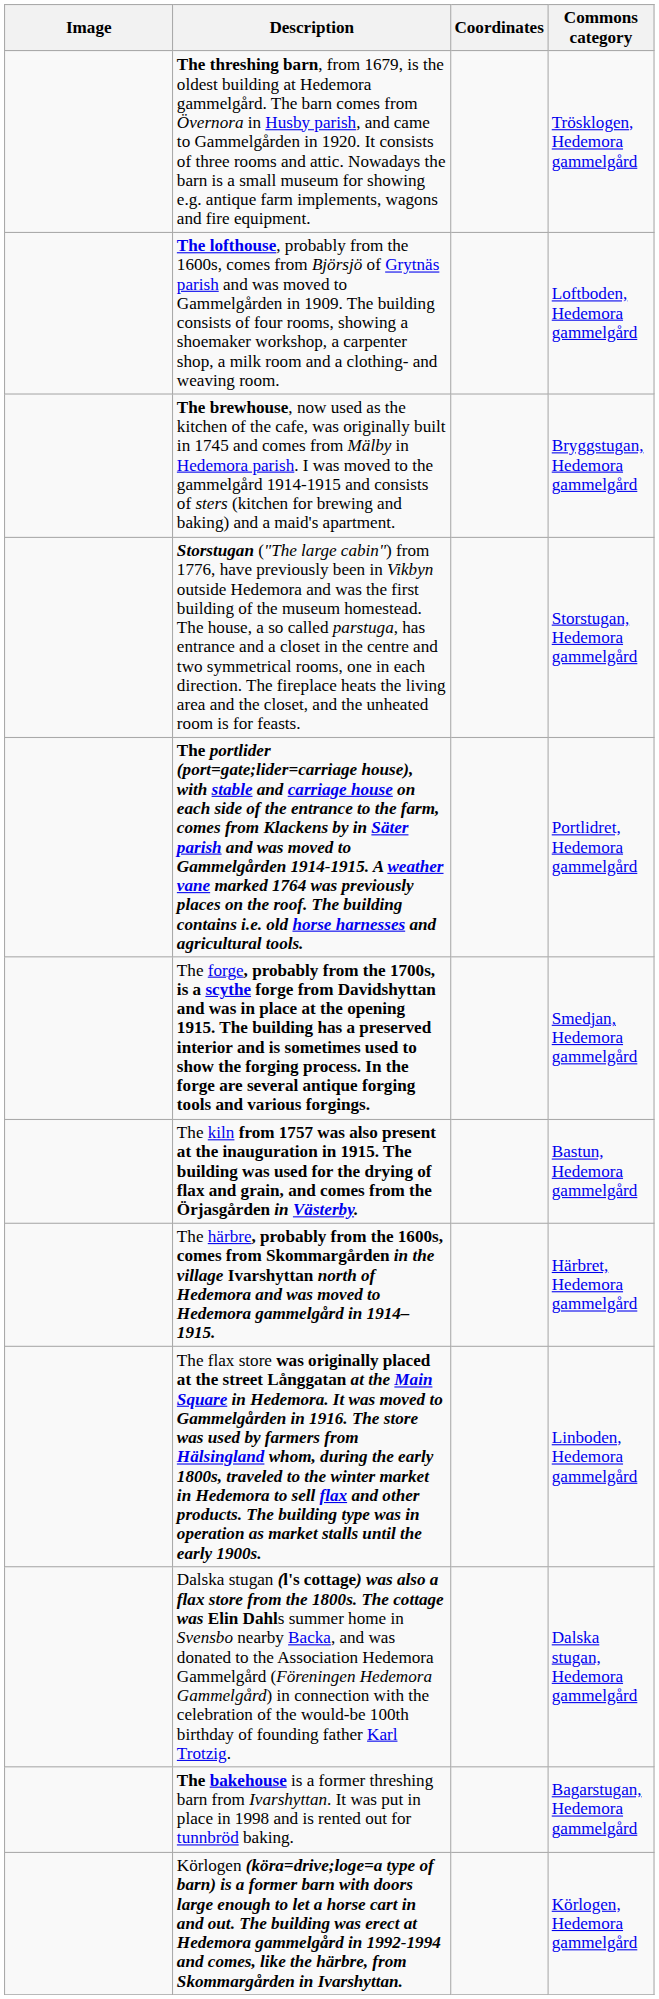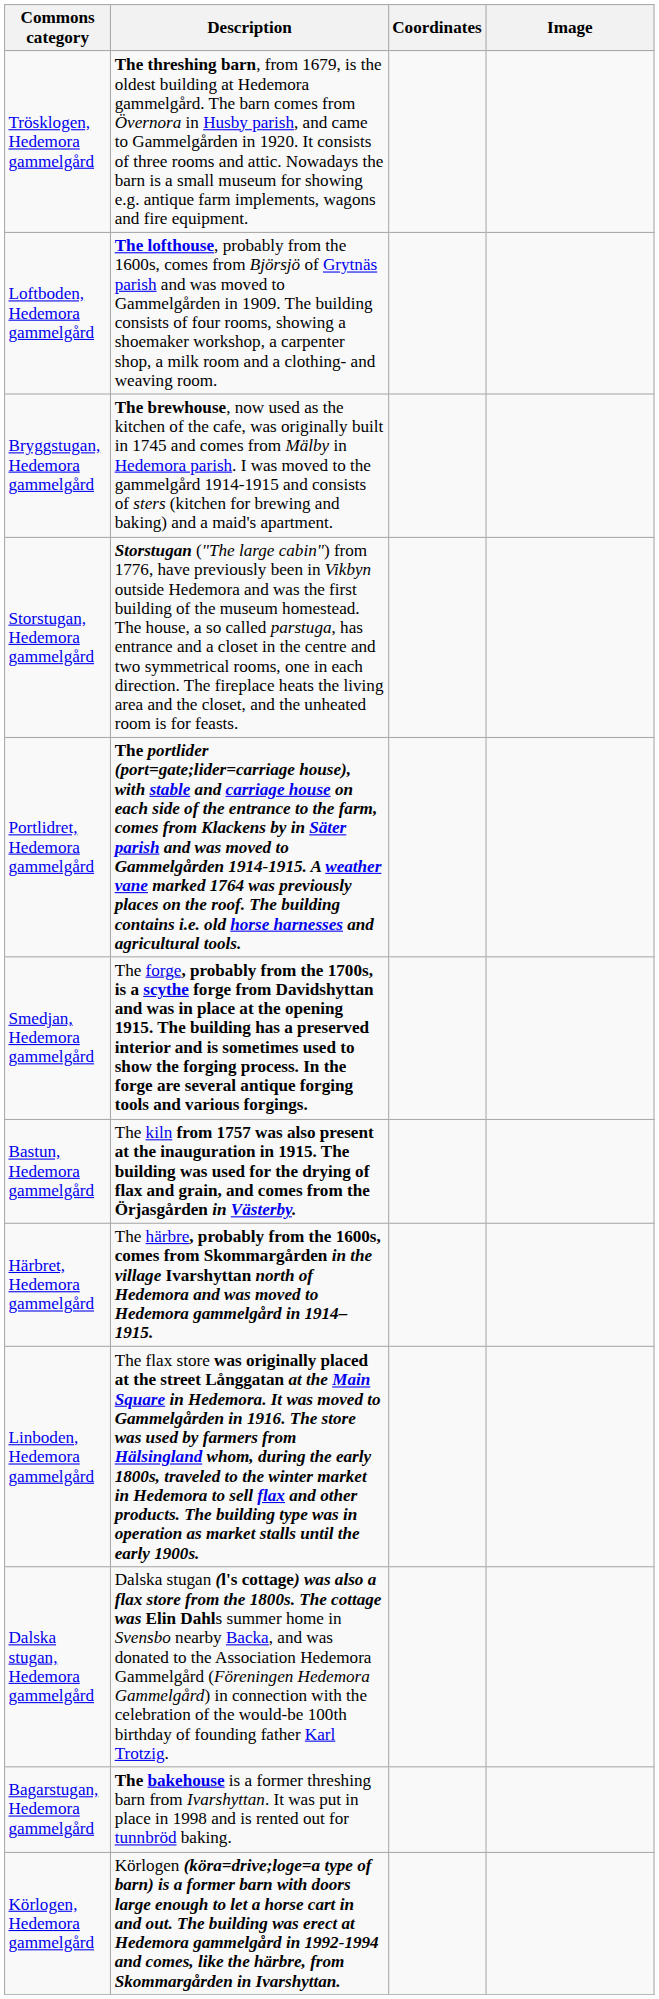 <table class="wikitable">
 <tr>
-<th width="150">Image</th>
+<th>Commons category</th>
 <th>Description</th>
 <th>Coordinates</th>
-<th>Commons category</th>
+<th width="150">Image</th>
 </tr>
 <tr>
-<td></td>
+<td><a href='#'>Trösklogen, Hedemora gammelgård</a></td>
 <td><strong>The threshing barn</strong>, from 1679, is the oldest building at Hedemora gammelgård. The barn comes from <em> Övernora </em> in <a href='#'>Husby parish</a>, and came to Gammelgården in 1920. It consists of three rooms and attic. Nowadays the barn is a small museum for showing e.g. antique farm implements, wagons and fire equipment.</td>
 <td></td>
-<td><a href='#'>Trösklogen, Hedemora gammelgård</a></td>
+<td></td>
 </tr>
 <tr>
-<td></td>
+<td><a href='#'>Loftboden, Hedemora gammelgård</a></td>
 <td><strong><a href='#'>The lofthouse</a></strong>, probably from the 1600s, comes from <em> Björsjö </em> of <a href='#'>Grytnäs parish</a> and was moved to Gammelgården in 1909. The building consists of four rooms, showing a shoemaker workshop, a carpenter shop, a milk room and a clothing- and weaving room.</td>
 <td></td>
-<td><a href='#'>Loftboden, Hedemora gammelgård</a></td>
+<td></td>
 </tr>
 <tr>
-<td></td>
+<td><a href='#'>Bryggstugan, Hedemora gammelgård</a></td>
 <td><strong>The brewhouse</strong>, now used as the kitchen of the cafe, was originally built in 1745 and comes from <em>Mälby</em> in <a href='#'>Hedemora parish</a>. I was moved to the gammelgård 1914-1915 and consists of <em>sters</em> (kitchen for brewing and baking) and a maid's apartment.</td>
 <td></td>
-<td><a href='#'>Bryggstugan, Hedemora gammelgård</a></td>
+<td></td>
 </tr>
 <tr>
-<td></td>
+<td><a href='#'>Storstugan, Hedemora gammelgård</a></td>
 <td><strong><em>Storstugan</em></strong> (<em>"The large cabin"</em>) from 1776, have previously been in <em> Vikbyn </em> outside Hedemora and was the first building of the museum homestead. The house, a so called <em>parstuga</em>, has entrance and a closet in the centre and two symmetrical rooms, one in each direction. The fireplace heats the living area and the closet, and the unheated room is for feasts.</td>
 <td></td>
-<td><a href='#'>Storstugan, Hedemora gammelgård</a></td>
+<td></td>
 </tr>
 <tr>
-<td></td>
+<td><a href='#'>Portlidret, Hedemora gammelgård</a></td>
 <td><strong>The <em>portlider<strong><em> (</em>port<em>=gate;</em>lider<em>=carriage house), with <a href='#'>stable</a> and <a href='#'>carriage house</a> on each side of the entrance to the farm, comes from </em> Klackens by<em> in <a href='#'>Säter parish</a> and was moved to Gammelgården 1914-1915. A <a href='#'>weather vane</a> marked 1764 was previously places on the roof. The building contains i.e. old <a href='#'>horse harnesses</a> and agricultural tools.</td>
 <td></td>
-<td><a href='#'>Portlidret, Hedemora gammelgård</a></td>
+<td></td>
 </tr>
 <tr>
-<td></td>
+<td><a href='#'>Smedjan, Hedemora gammelgård</a></td>
 <td></strong>The <a href='#'>forge</a><strong>, probably from the 1700s, is a <a href='#'>scythe</a> forge from Davidshyttan and was in place at the opening 1915. The building has a preserved interior and is sometimes used to show the forging process. In the forge are several antique forging tools and various forgings.</td>
 <td></td>
-<td><a href='#'>Smedjan, Hedemora gammelgård</a></td>
+<td></td>
 </tr>
 <tr>
-<td></td>
+<td><a href='#'>Bastun, Hedemora gammelgård</a></td>
 <td></strong>The <a href='#'>kiln</a><strong> from 1757 was also present at the inauguration in 1915. The building was used for the drying of flax and grain, and comes from the </em> Örjasgården <em> in <a href='#'>Västerby</a>.</td>
 <td></td>
-<td><a href='#'>Bastun, Hedemora gammelgård</a></td>
+<td></td>
 </tr>
 <tr>
-<td></td>
+<td><a href='#'>Härbret, Hedemora gammelgård</a></td>
 <td></strong>The <a href='#'>härbre</a><strong>, probably from the 1600s, comes from </em>Skommargården<em> in the village </em>Ivarshyttan<em> north of Hedemora and was moved to Hedemora gammelgård in 1914–1915.</td>
 <td></td>
-<td><a href='#'>Härbret, Hedemora gammelgård</a></td>
+<td></td>
 </tr>
 <tr>
-<td></td>
+<td><a href='#'>Linboden, Hedemora gammelgård</a></td>
 <td></strong>The flax store<strong> was originally placed at the street </em>Långgatan<em> at the <a href='#'>Main Square</a> in Hedemora. It was moved to Gammelgården in 1916. The store was used by farmers from <a href='#'>Hälsingland</a> whom, during the early 1800s, traveled to the winter market in Hedemora to sell <a href='#'>flax</a> and other products. The building type was in operation as market stalls until the early 1900s.</td>
 <td></td>
-<td><a href='#'>Linboden, Hedemora gammelgård</a></td>
+<td></td>
 </tr>
 <tr>
-<td></td>
+<td><a href='#'>Dalska stugan, Hedemora gammelgård</a></td>
 <td></em></strong>Dalska stugan<strong><em> (</em>l's cottage<em>) was also a flax store from the 1800s. The cottage was </em>Elin Dahl</strong>s summer home in <em> Svensbo </em> nearby <a href='#'>Backa</a>, and was donated to the Association Hedemora Gammelgård (<em>Föreningen Hedemora Gammelgård</em>) in connection with the celebration of the would-be 100th birthday of founding father <a href='#'>Karl Trotzig</a>.</td>
 <td></td>
-<td><a href='#'>Dalska stugan, Hedemora gammelgård</a></td>
+<td></td>
 </tr>
 <tr>
-<td></td>
+<td><a href='#'>Bagarstugan, Hedemora gammelgård</a></td>
 <td><strong> The <a href='#'>bakehouse</a></strong> is a former threshing barn from <em>Ivarshyttan</em>. It was put in place in 1998 and is rented out for <a href='#'>tunnbröd</a> baking.</td>
 <td></td>
-<td><a href='#'>Bagarstugan, Hedemora gammelgård</a></td>
+<td></td>
 </tr>
 <tr>
-<td></td>
+<td><a href='#'>Körlogen, Hedemora gammelgård</a></td>
 <td></em></strong>Körlogen<strong><em> (<em>köra</em>=drive;<em>loge</em>=a type of barn) is a former barn with doors large enough to let a horse cart in and out. The building was erect at Hedemora gammelgård in 1992-1994 and comes, like the härbre,  from Skommargården in Ivarshyttan.</td>
 <td></td>
-<td><a href='#'>Körlogen, Hedemora gammelgård</a></td>
+<td></td>
 </tr>
 </table>
